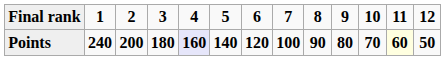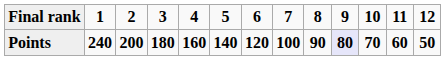 <table class="wikitable" style="font-weight:bold; text-align:center">
 <tr>
 <td align=left bgcolor=#efefef>Final rank</td>
 <td width=20>1</td>
 <td width=20>2</td>
 <td width=20>3</td>
 <td width=20>4</td>
 <td width=20>5</td>
 <td width=20>6</td>
 <td width=20>7</td>
 <td width=20>8</td>
 <td width=20>9</td>
 <td width=20>10</td>
 <td width=20>11</td>
 <td width=20>12</td>
 </tr>
 <tr>
 <td align=left bgcolor=#efefef>Points</td>
 <td width=20>240</td>
 <td width=20>200</td>
 <td width=20>180</td>
-<td width=20 style="background: lavender;">160</td>
+<td width=20>160</td>
 <td width=20>140</td>
 <td width=20>120</td>
 <td width=20>100</td>
 <td width=20>90</td>
-<td width=20>80</td>
+<td width=20 style="background: lavender;">80</td>
 <td width=20>70</td>
-<td width=20 style="background: lightyellow;">60</td>
+<td width=20>60</td>
 <td width=20>50</td>
 </tr>
 </table>
